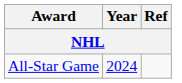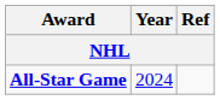 <table class="wikitable">
 <tr>
 <th>Award</th>
 <th>Year</th>
 <th>Ref</th>
 </tr>
 <tr>
 <th colspan="3"><a href='#'>NHL</a></th>
 </tr>
 <tr>
-<td><a href='#'>All-Star Game</a></td>
+<td><strong><a href='#'>All-Star Game</a></strong></td>
 <td><a href='#'>2024</a></td>
 <td></td>
 </tr>
 </table>
